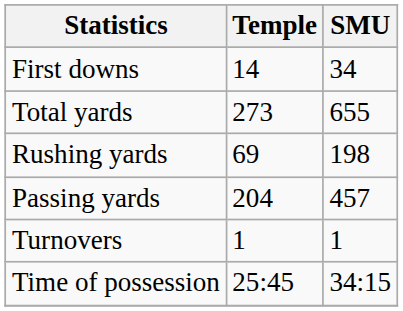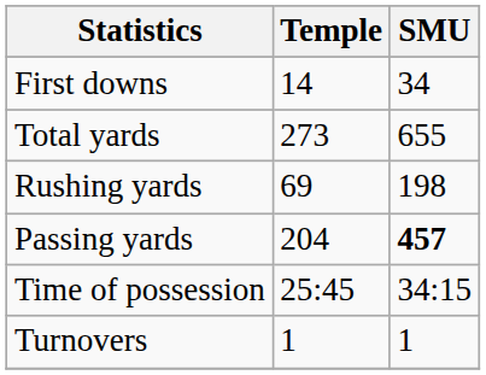 <table class="wikitable" style="float: right;">
 <tr>
 <th>Statistics</th>
 <th>Temple</th>
 <th>SMU</th>
 </tr>
 <tr>
 <td>First downs</td>
 <td>14</td>
 <td>34</td>
 </tr>
 <tr>
 <td>Total yards</td>
 <td>273</td>
 <td>655</td>
 </tr>
 <tr>
 <td>Rushing yards</td>
 <td>69</td>
 <td>198</td>
 </tr>
 <tr>
 <td>Passing yards</td>
 <td>204</td>
-<td>457</td>
+<td><strong>457</strong></td>
+</tr>
+<tr>
+<td>Time of possession</td>
+<td>25:45</td>
+<td>34:15</td>
 </tr>
 <tr>
 <td>Turnovers</td>
 <td>1</td>
 <td>1</td>
 </tr>
 <tr>
-<td>Time of possession</td>
-<td>25:45</td>
-<td>34:15</td>
-</tr>
-<tr>
 </tr>
 </table>
